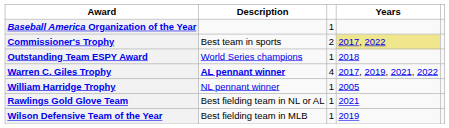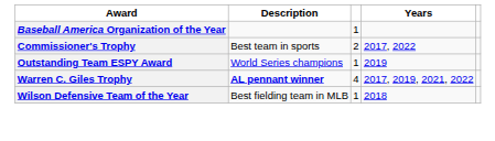 <table class="wikitable sortable plainrowheaders" style="font-size: 95%; text-align:center; margin-left: auto; margin-right: auto; border: none;">
 <tr>
 <th scope="col" style="background-color:#ffffff; border-top:#">Award</th>
 <th scope="col" class="unsortable" style="background-color:#ffffff; border-top:#">Description</th>
 <th scope="col" style="background-color:#ffffff; border-top:#"></th>
 <th scope="col" class="unsortable" style="background-color:#ffffff; border-top:#">Years</th>
 <th scope="col" class="unsortable" style="background-color:#ffffff; border-top:#"></th>
 </tr>
 <tr>
 <th scope="row" style="text-align:left"><strong><a href='#'><em>Baseball America</em> Organization of the Year</a> </strong></th>
 <td></td>
 <td style="text-align:center">1</td>
 <td style="text-align:left"></td>
 <td style="text-align:center"></td>
 </tr>
 <tr>
 <th scope="row" style="text-align:left"><strong><a href='#'>Commissioner's Trophy</a></strong></th>
 <td style="text-align:left">Best team in sports</td>
 <td style="text-align:center">2</td>
-<td style="background: khaki; text-align:left"><a href='#'>2017</a>, <a href='#'>2022</a></td>
+<td style="text-align:left"><a href='#'>2017</a>, <a href='#'>2022</a></td>
 <td style="text-align:center"></td>
 </tr>
 <tr>
 <th scope="row" style="text-align:left"><strong><a href='#'>Outstanding Team ESPY Award</a></strong></th>
 <td style="text-align:left"><a href='#'>World Series champions</a></td>
 <td style="text-align:center">1</td>
-<td style="text-align:left"><a href='#'>2018</a></td>
+<td style="text-align:left"><a href='#'>2019</a></td>
 <td style="text-align:center"></td>
 </tr>
 <tr>
 <th scope="row" style="text-align:left"><strong><a href='#'>Warren C. Giles Trophy</a></strong></th>
 <td style="text-align:left"><strong><a href='#'>AL pennant winner</a></strong></td>
 <td style="text-align:center">4</td>
 <td style="text-align:left"><a href='#'>2017</a>, <a href='#'>2019</a>, <a href='#'>2021</a>, <a href='#'>2022</a></td>
 <td style="text-align:center"></td>
 </tr>
 <tr>
-<th scope="row" style="text-align:left"><strong><a href='#'>William Harridge Trophy</a></strong></th>
-<td style="text-align:left"><a href='#'>NL pennant winner</a></td>
-<td style="text-align:center">1</td>
-<td style="text-align:left"><a href='#'>2005</a></td>
-<td style="text-align:center"></td>
-</tr>
-<tr>
-<th scope="row" style="text-align:left"><strong><a href='#'>Rawlings Gold Glove Team</a></strong></th>
-<td style="text-align:left">Best fielding team in NL or AL</td>
-<td style="text-align:center">1</td>
-<td style="text-align:left"><a href='#'>2021</a></td>
-<td style="text-align:center"></td>
-</tr>
-<tr>
 <th scope="row" style="text-align:left"><strong><a href='#'>Wilson Defensive Team of the Year</a></strong></th>
 <td style="text-align:left">Best fielding team in MLB</td>
 <td style="text-align:center">1</td>
-<td style="text-align:left"><a href='#'>2019</a></td>
+<td style="text-align:left"><a href='#'>2018</a></td>
 <td style="text-align:center"></td>
 </tr>
 <tr>
 </tr>
 </table>
